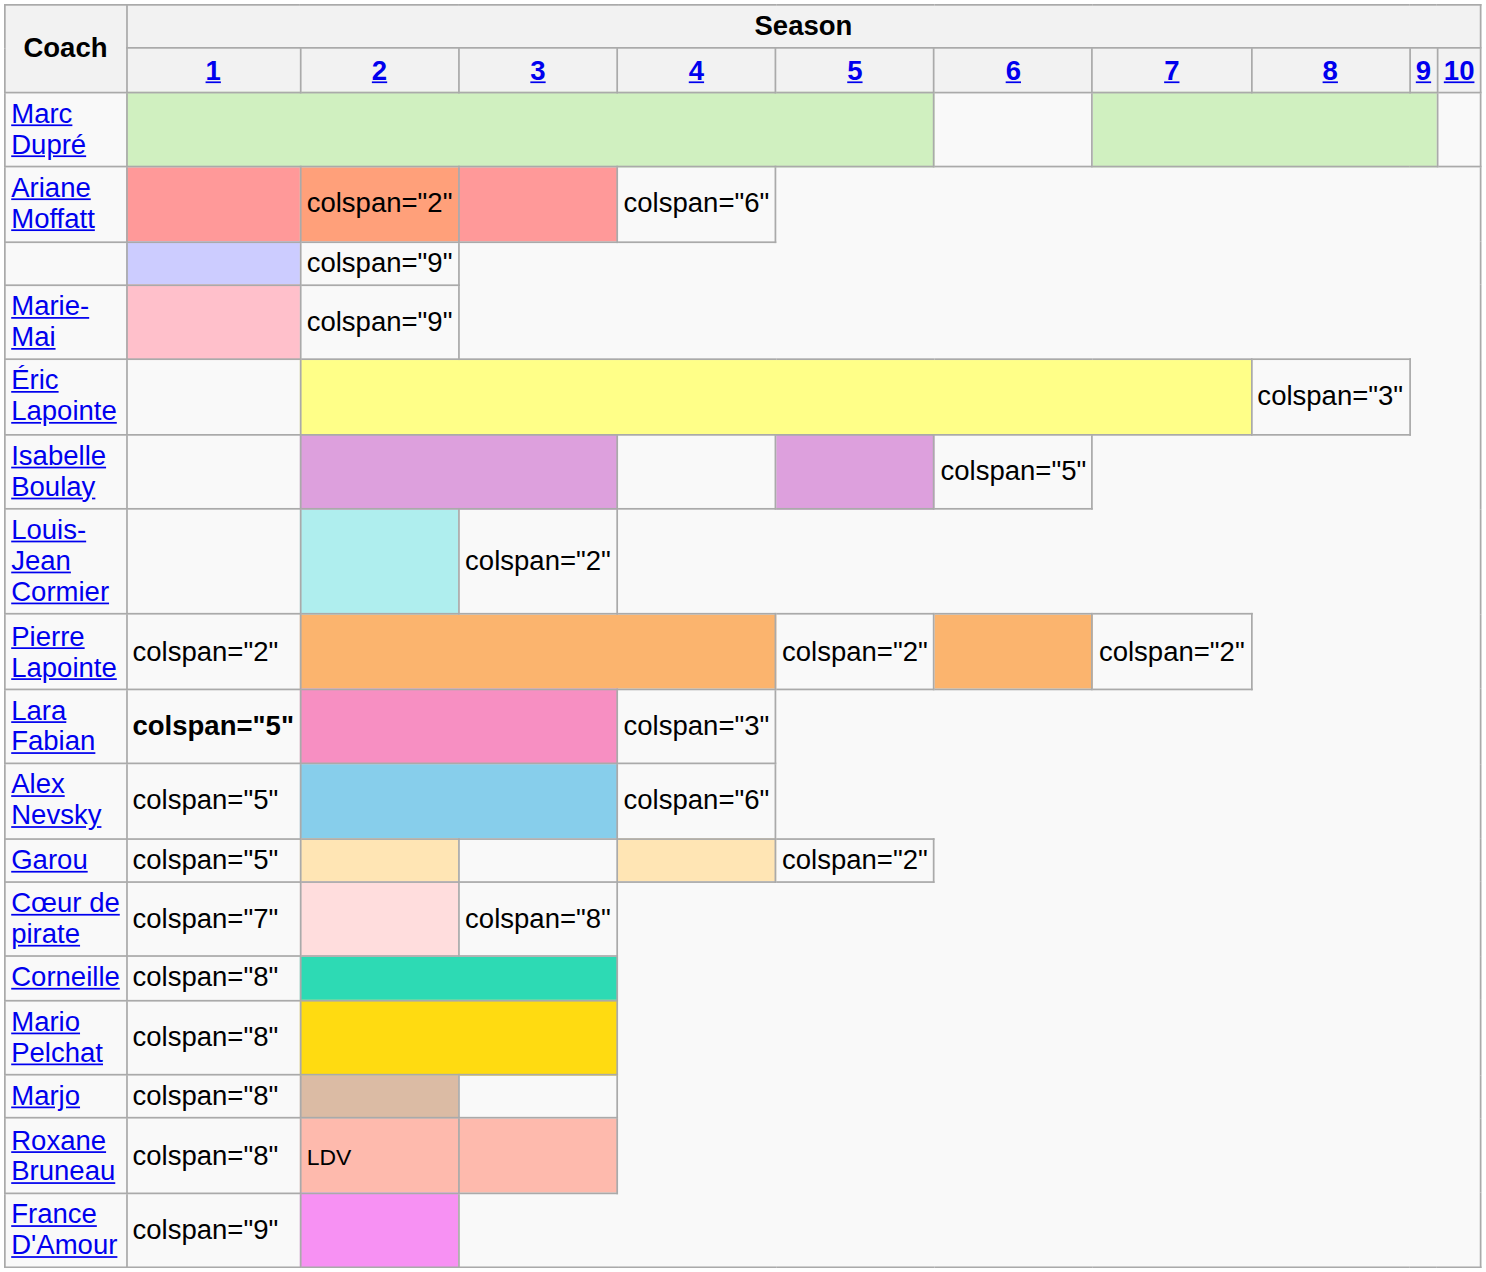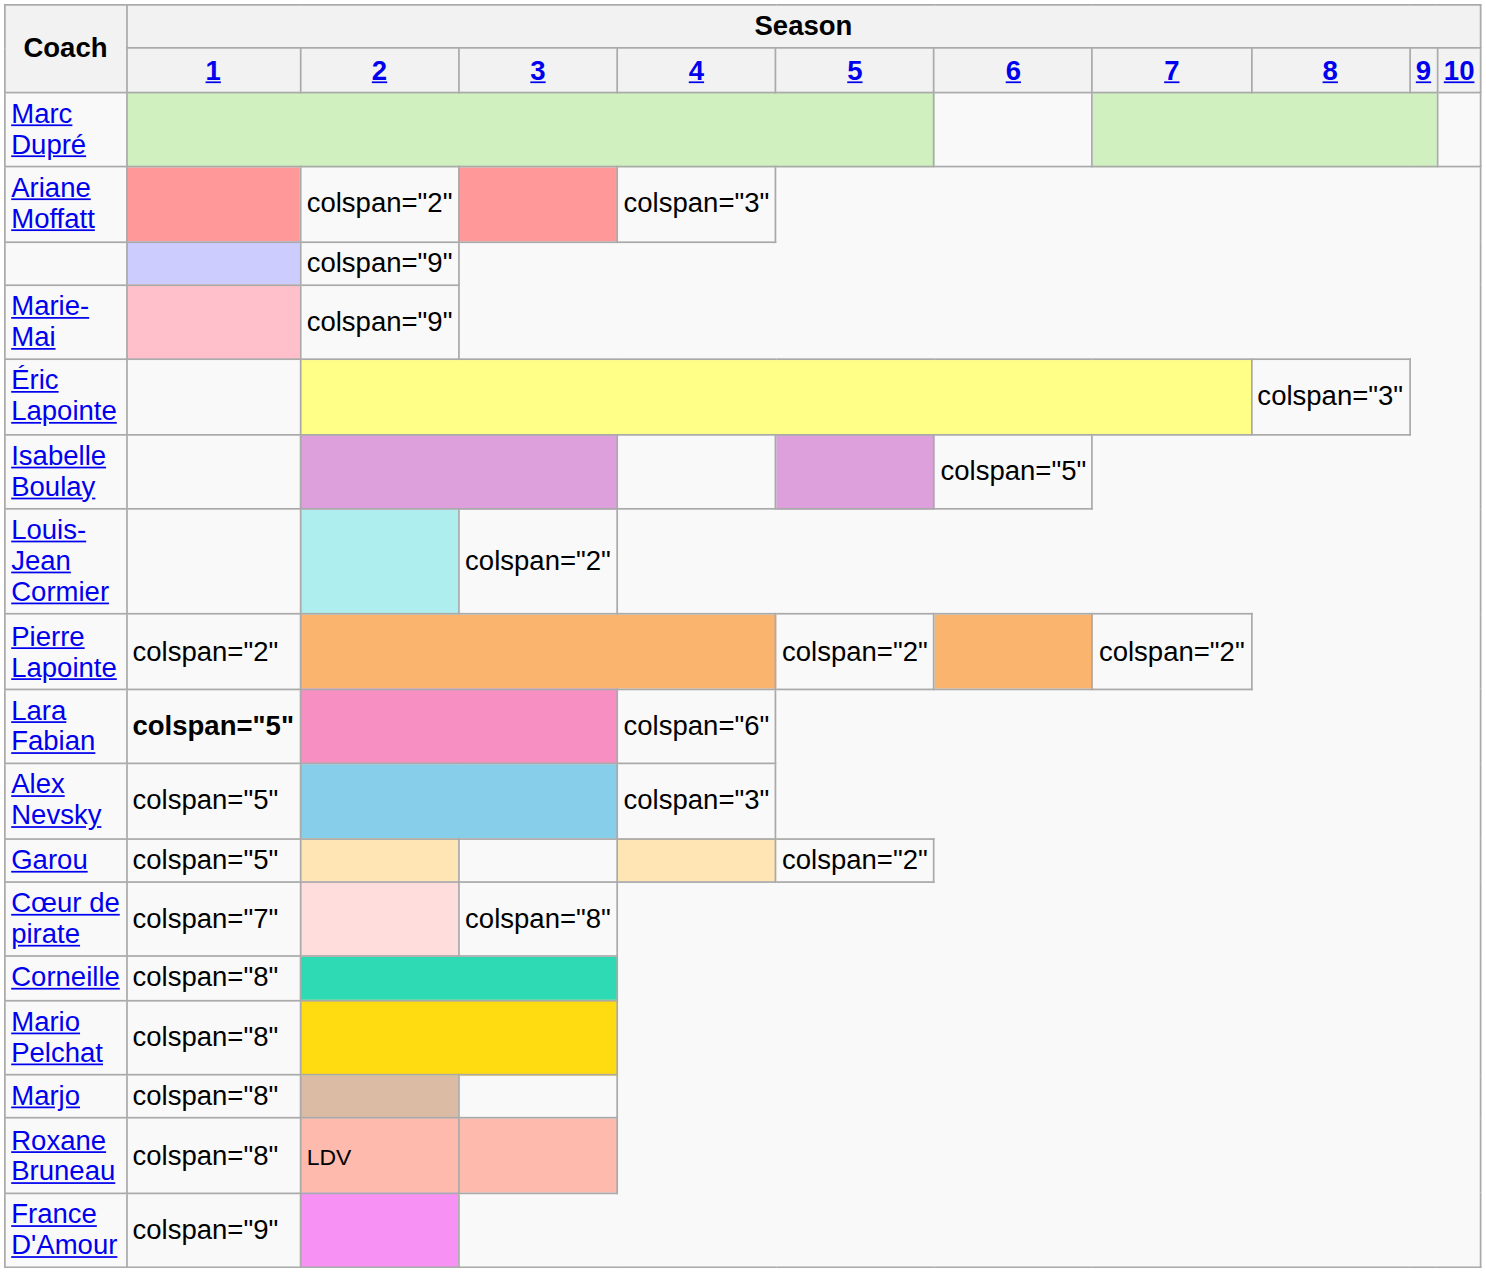 <table class="wikitable" width="80%">
 <tr>
 <th rowspan="2" width="135">Coach</th>
 <th colspan="10">Season</th>
 </tr>
 <tr>
 <th width="45"><a href='#'>1</a></th>
 <th width="45"><a href='#'>2</a></th>
 <th width="45"><a href='#'>3</a></th>
 <th width="45"><a href='#'>4</a></th>
 <th width="45"><a href='#'>5</a></th>
 <th width="45"><a href='#'>6</a></th>
 <th width="45"><a href='#'>7</a></th>
 <th width="45"><a href='#'>8</a></th>
 <th width="45"><a href='#'>9</a></th>
 <th width="45"><a href='#'>10</a></th>
 </tr>
 <tr>
 <td><a href='#'>Marc Dupré</a></td>
 <td colspan="5" bgcolor="#d0f0c0"></td>
 <td></td>
 <td colspan="3" bgcolor="#d0f0c0"></td>
 <td></td>
 </tr>
 <tr>
 <td><a href='#'>Ariane Moffatt</a></td>
 <td bgcolor="#ff9999"></td>
-<td style="background: lightsalmon;">colspan="2" </td>
+<td>colspan="2" </td>
 <td bgcolor="#ff9999"></td>
-<td>colspan="6" </td>
+<td>colspan="3" </td>
 </tr>
 <tr>
 <td></td>
 <td bgcolor="#ccccff"></td>
 <td>colspan="9" </td>
 </tr>
 <tr>
 <td><a href='#'>Marie-Mai</a></td>
 <td bgcolor="pink"></td>
 <td>colspan="9" </td>
 </tr>
 <tr>
 <td><a href='#'>Éric Lapointe</a></td>
 <td></td>
 <td colspan="6" bgcolor="#ffff88"></td>
 <td>colspan="3" </td>
 </tr>
 <tr>
 <td><a href='#'>Isabelle Boulay</a></td>
 <td></td>
 <td colspan="2" bgcolor="#dda0dd"></td>
 <td></td>
 <td bgcolor="#dda0dd"></td>
 <td>colspan="5" </td>
 </tr>
 <tr>
 <td><a href='#'>Louis-Jean Cormier</a></td>
 <td></td>
 <td bgcolor="#afeeee"></td>
 <td>colspan="2" </td>
 </tr>
 <tr>
 <td><a href='#'>Pierre Lapointe</a></td>
 <td>colspan="2" </td>
 <td colspan="3" bgcolor="#fbb46e"></td>
 <td>colspan="2" </td>
 <td bgcolor="#fbb46e"></td>
 <td>colspan="2" </td>
 </tr>
 <tr>
 <td><a href='#'>Lara Fabian</a></td>
 <td><strong>colspan="5" </strong></td>
 <td colspan="2" bgcolor="#F78FC2"></td>
-<td>colspan="3" </td>
+<td>colspan="6" </td>
 </tr>
 <tr>
 <td><a href='#'>Alex Nevsky</a></td>
 <td>colspan="5" </td>
 <td colspan="2" bgcolor="#87ceeb"></td>
-<td>colspan="6" </td>
+<td>colspan="3" </td>
 </tr>
 <tr>
 <td><a href='#'>Garou</a></td>
 <td>colspan="5" </td>
 <td bgcolor="#ffe5b4"></td>
 <td></td>
 <td bgcolor="#ffe5b4"></td>
 <td>colspan="2" </td>
 </tr>
 <tr>
 <td><a href='#'>Cœur de pirate</a></td>
 <td>colspan="7" </td>
 <td bgcolor="#ffdddd"></td>
 <td>colspan="8" </td>
 </tr>
 <tr>
 <td><a href='#'>Corneille</a></td>
 <td>colspan="8" </td>
 <td colspan="2" bgcolor="#2ddab4"></td>
 </tr>
 <tr>
 <td><a href='#'>Mario Pelchat</a></td>
 <td>colspan="8" </td>
 <td colspan="2" bgcolor="#ffdb11"></td>
 </tr>
 <tr>
 <td><a href='#'>Marjo</a></td>
 <td>colspan="8" </td>
 <td bgcolor="#dbbba4"></td>
 <td></td>
 </tr>
 <tr>
 <td><a href='#'>Roxane Bruneau</a></td>
 <td>colspan="8" </td>
 <td style="background:#febaad"><small>LDV</small></td>
 <td bgcolor="#febaad"></td>
 </tr>
 <tr>
 <td><a href='#'>France D'Amour</a></td>
 <td>colspan="9" </td>
 <td bgcolor="#f791f3"></td>
 </tr>
 </table>
